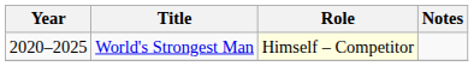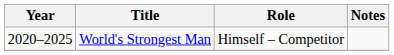 <table class="wikitable sortable">
 <tr>
 <th>Year</th>
 <th>Title</th>
 <th>Role</th>
 <th>Notes</th>
 </tr>
 <tr>
 <td>2020–2025</td>
 <td><a href='#'>World's Strongest Man</a></td>
-<td style="background: lightyellow;">Himself – Competitor</td>
+<td>Himself – Competitor</td>
 <td></td>
 </tr>
 <tr>
 </tr>
 </table>
